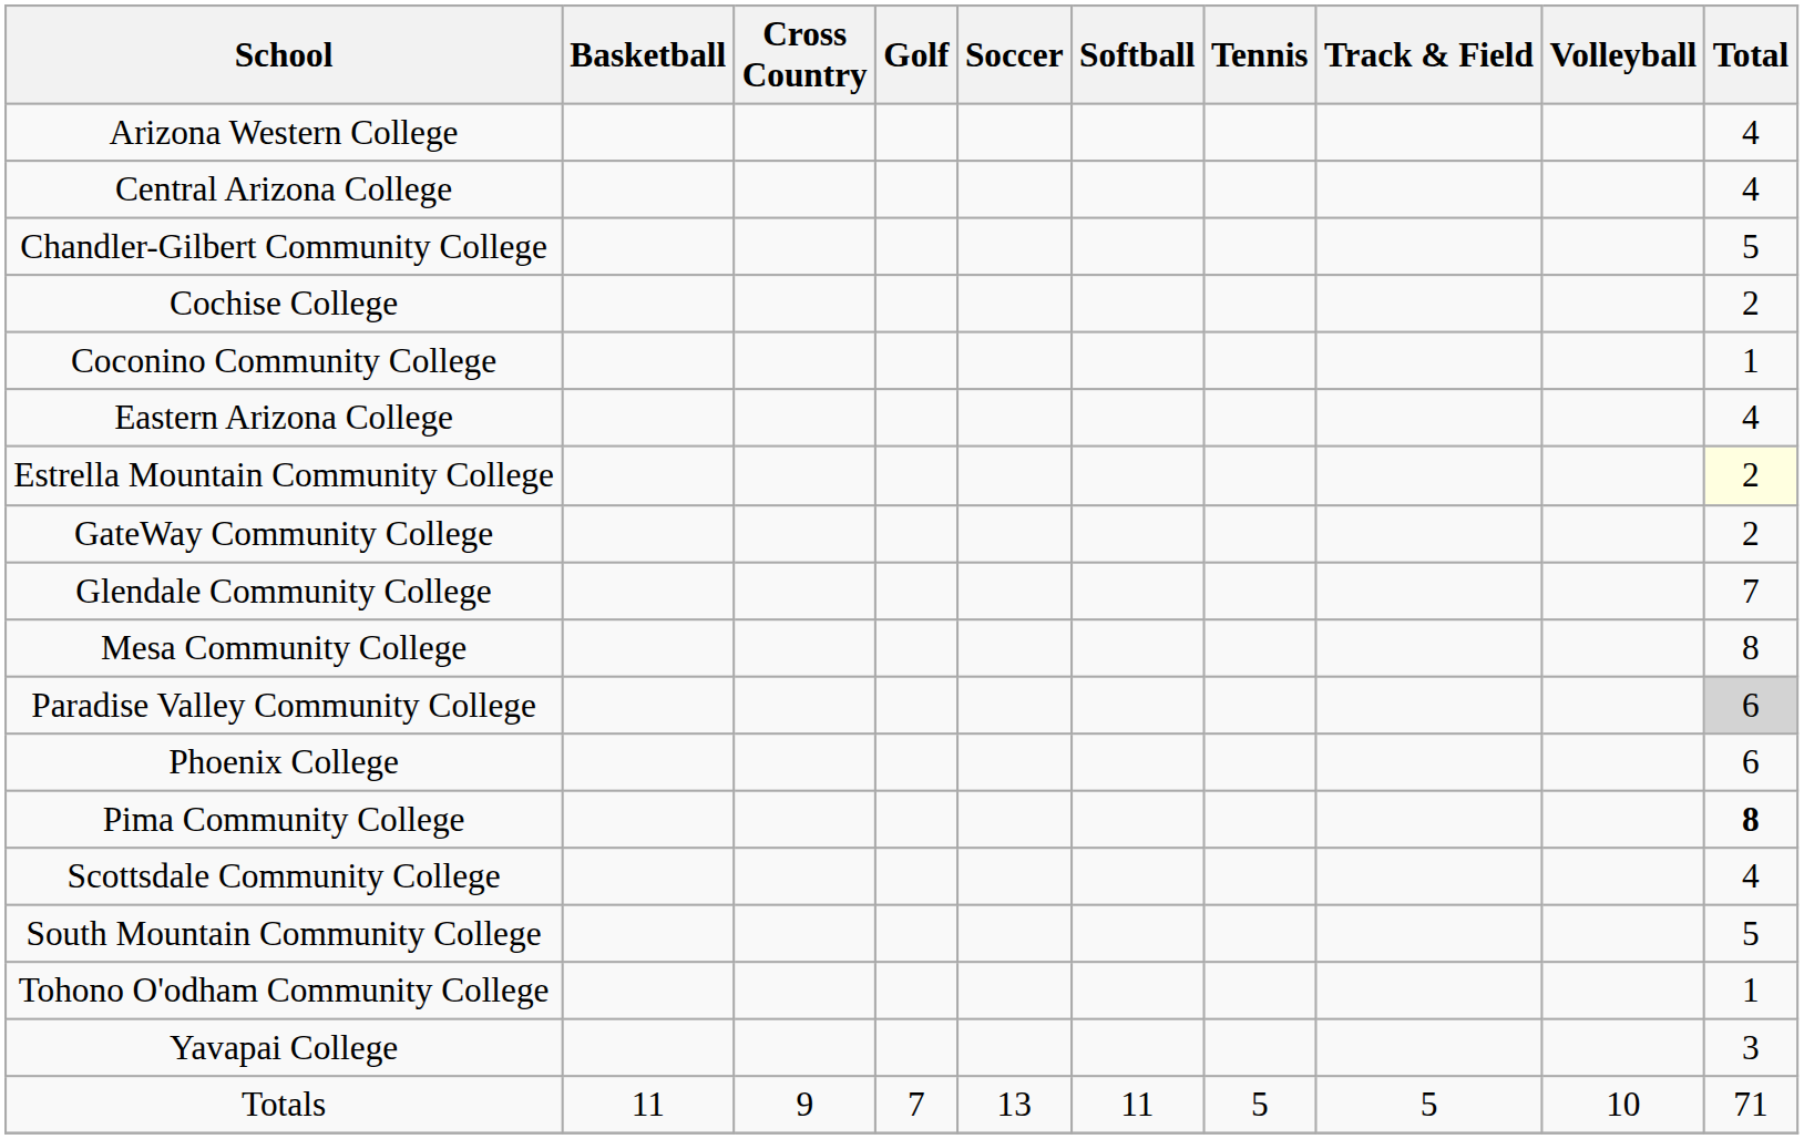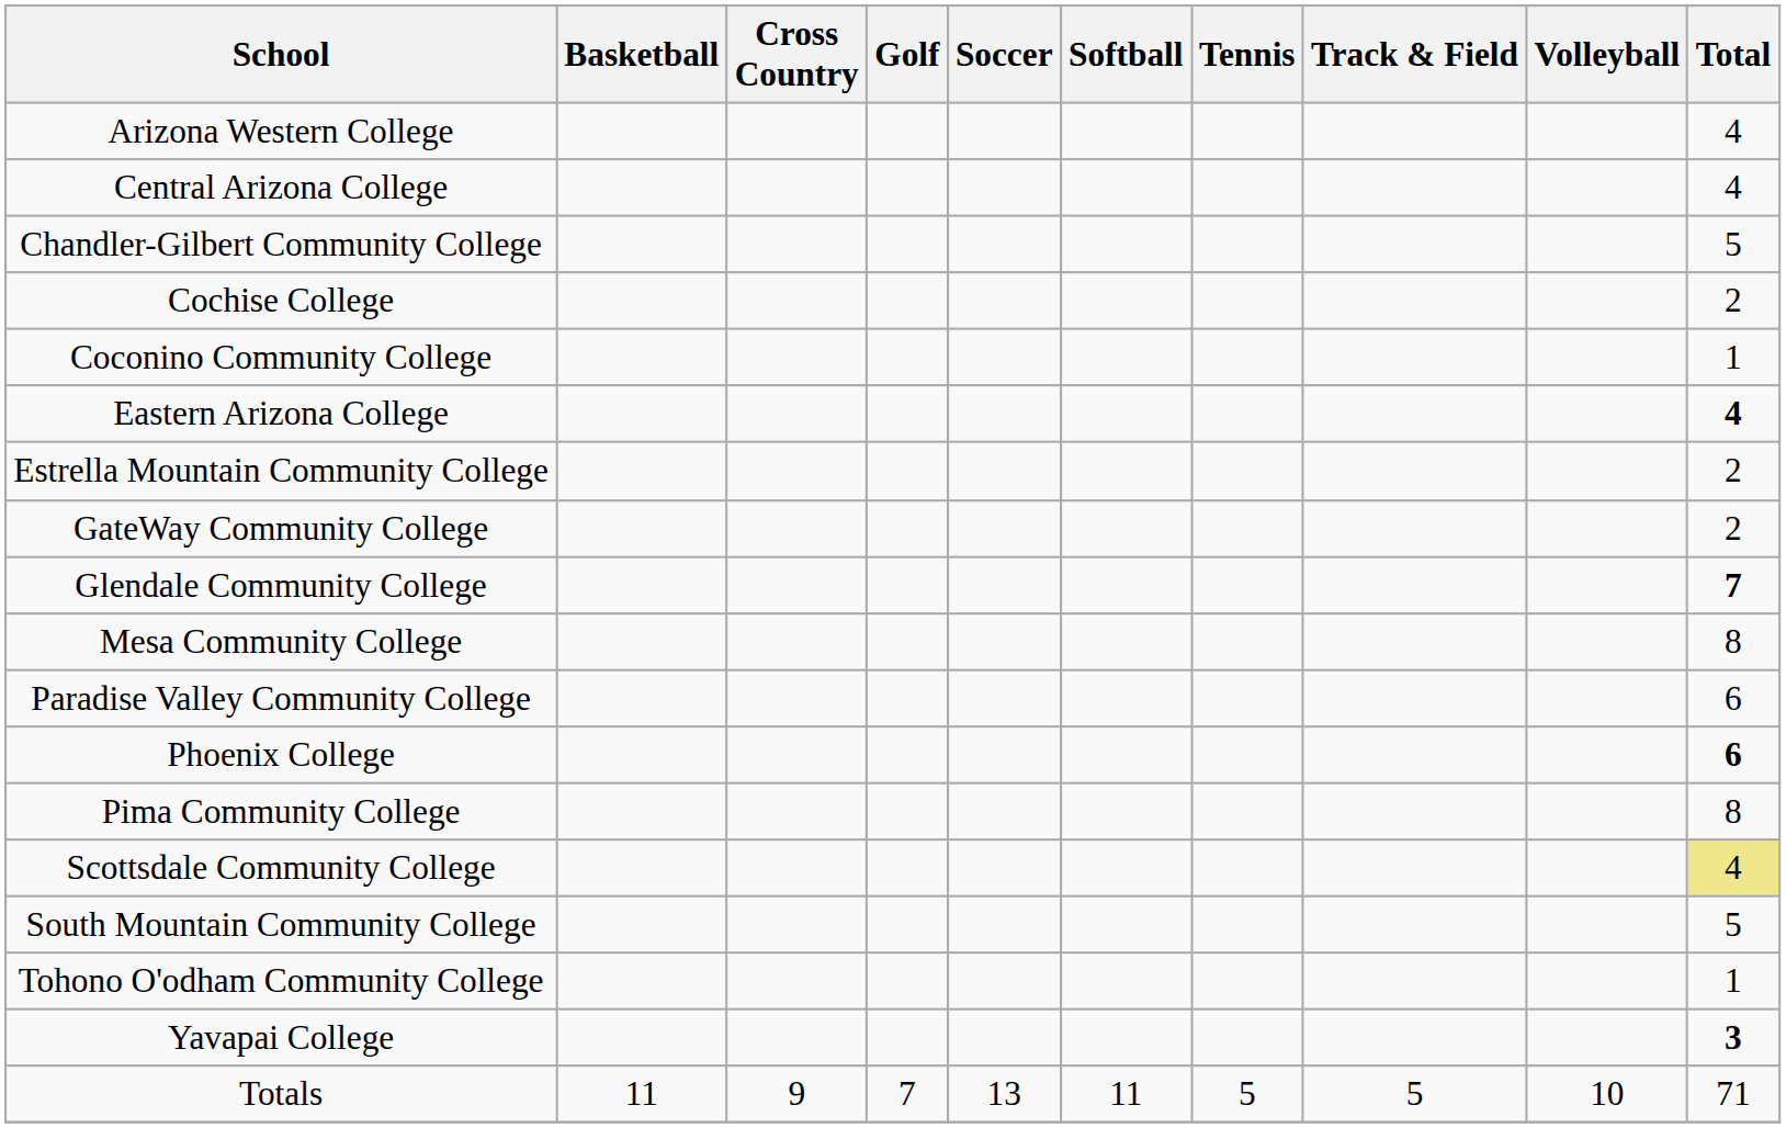 <table class="wikitable" style="text-align: center; font-size: 95%">
 <tr>
 <th scope="col">School</th>
 <th scope="col">Basketball</th>
 <th scope="col">Cross<br>Country</th>
 <th scope="col">Golf</th>
 <th scope="col">Soccer</th>
 <th scope="col">Softball</th>
 <th scope="col">Tennis</th>
 <th scope="col">Track & Field</th>
 <th scope="col">Volleyball</th>
 <th scope="col">Total</th>
 </tr>
 <tr>
 <td>Arizona Western College</td>
 <td></td>
 <td></td>
 <td></td>
 <td></td>
 <td></td>
 <td></td>
 <td></td>
 <td></td>
 <td>4</td>
 </tr>
 <tr>
 <td>Central Arizona College</td>
 <td></td>
 <td></td>
 <td></td>
 <td></td>
 <td></td>
 <td></td>
 <td></td>
 <td></td>
 <td>4</td>
 </tr>
 <tr>
 <td>Chandler-Gilbert Community College</td>
 <td></td>
 <td></td>
 <td></td>
 <td></td>
 <td></td>
 <td></td>
 <td></td>
 <td></td>
 <td>5</td>
 </tr>
 <tr>
 <td>Cochise College</td>
 <td></td>
 <td></td>
 <td></td>
 <td></td>
 <td></td>
 <td></td>
 <td></td>
 <td></td>
 <td>2</td>
 </tr>
 <tr>
 <td>Coconino Community College</td>
 <td></td>
 <td></td>
 <td></td>
 <td></td>
 <td></td>
 <td></td>
 <td></td>
 <td></td>
 <td>1</td>
 </tr>
 <tr>
 <td>Eastern Arizona College</td>
 <td></td>
 <td></td>
 <td></td>
 <td></td>
 <td></td>
 <td></td>
 <td></td>
 <td></td>
-<td>4</td>
+<td><strong>4</strong></td>
 </tr>
 <tr>
 <td>Estrella Mountain Community College</td>
 <td></td>
 <td></td>
 <td></td>
 <td></td>
 <td></td>
 <td></td>
 <td></td>
 <td></td>
-<td style="background: lightyellow;">2</td>
+<td>2</td>
 </tr>
 <tr>
 <td>GateWay Community College</td>
 <td></td>
 <td></td>
 <td></td>
 <td></td>
 <td></td>
 <td></td>
 <td></td>
 <td></td>
 <td>2</td>
 </tr>
 <tr>
 <td>Glendale Community College</td>
 <td></td>
 <td></td>
 <td></td>
 <td></td>
 <td></td>
 <td></td>
 <td></td>
 <td></td>
-<td>7</td>
+<td><strong>7</strong></td>
 </tr>
 <tr>
 <td>Mesa Community College</td>
 <td></td>
 <td></td>
 <td></td>
 <td></td>
 <td></td>
 <td></td>
 <td></td>
 <td></td>
 <td>8</td>
 </tr>
 <tr>
 <td>Paradise Valley Community College</td>
 <td></td>
 <td></td>
 <td></td>
 <td></td>
 <td></td>
 <td></td>
 <td></td>
 <td></td>
-<td style="background: lightgrey;">6</td>
+<td>6</td>
 </tr>
 <tr>
 <td>Phoenix College</td>
 <td></td>
 <td></td>
 <td></td>
 <td></td>
 <td></td>
 <td></td>
 <td></td>
 <td></td>
-<td>6</td>
+<td><strong>6</strong></td>
 </tr>
 <tr>
 <td>Pima Community College</td>
 <td></td>
 <td></td>
 <td></td>
 <td></td>
 <td></td>
 <td></td>
 <td></td>
 <td></td>
-<td><strong>8</strong></td>
+<td>8</td>
 </tr>
 <tr>
 <td>Scottsdale Community College</td>
 <td></td>
 <td></td>
 <td></td>
 <td></td>
 <td></td>
 <td></td>
 <td></td>
 <td></td>
-<td>4</td>
+<td style="background: khaki;">4</td>
 </tr>
 <tr>
 <td>South Mountain Community College</td>
 <td></td>
 <td></td>
 <td></td>
 <td></td>
 <td></td>
 <td></td>
 <td></td>
 <td></td>
 <td>5</td>
 </tr>
 <tr>
 <td>Tohono O'odham Community College</td>
 <td></td>
 <td></td>
 <td></td>
 <td></td>
 <td></td>
 <td></td>
 <td></td>
 <td></td>
 <td>1</td>
 </tr>
 <tr>
 <td>Yavapai College</td>
 <td></td>
 <td></td>
 <td></td>
 <td></td>
 <td></td>
 <td></td>
 <td></td>
 <td></td>
-<td>3</td>
+<td><strong>3</strong></td>
 </tr>
 <tr>
 <td>Totals</td>
 <td>11</td>
 <td>9</td>
 <td>7</td>
 <td>13</td>
 <td>11</td>
 <td>5</td>
 <td>5</td>
 <td>10</td>
 <td>71</td>
 </tr>
 <tr>
 </tr>
 </table>
